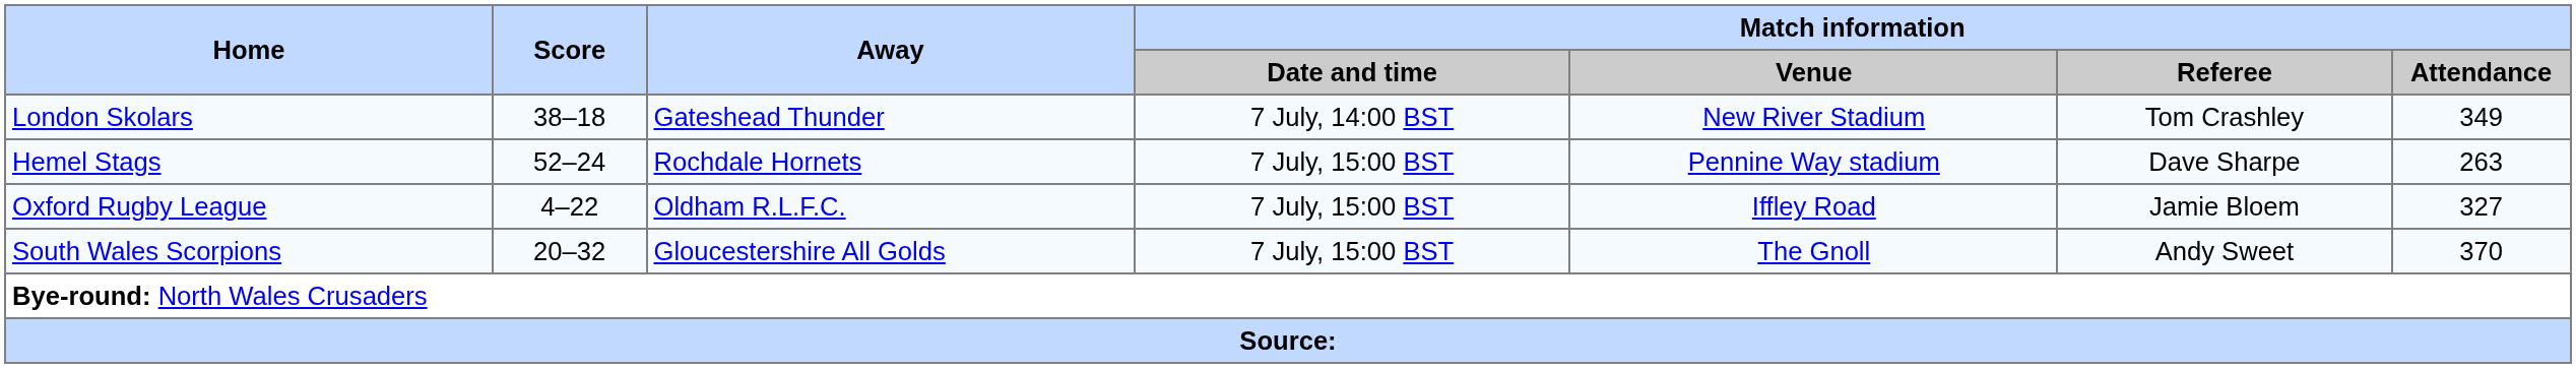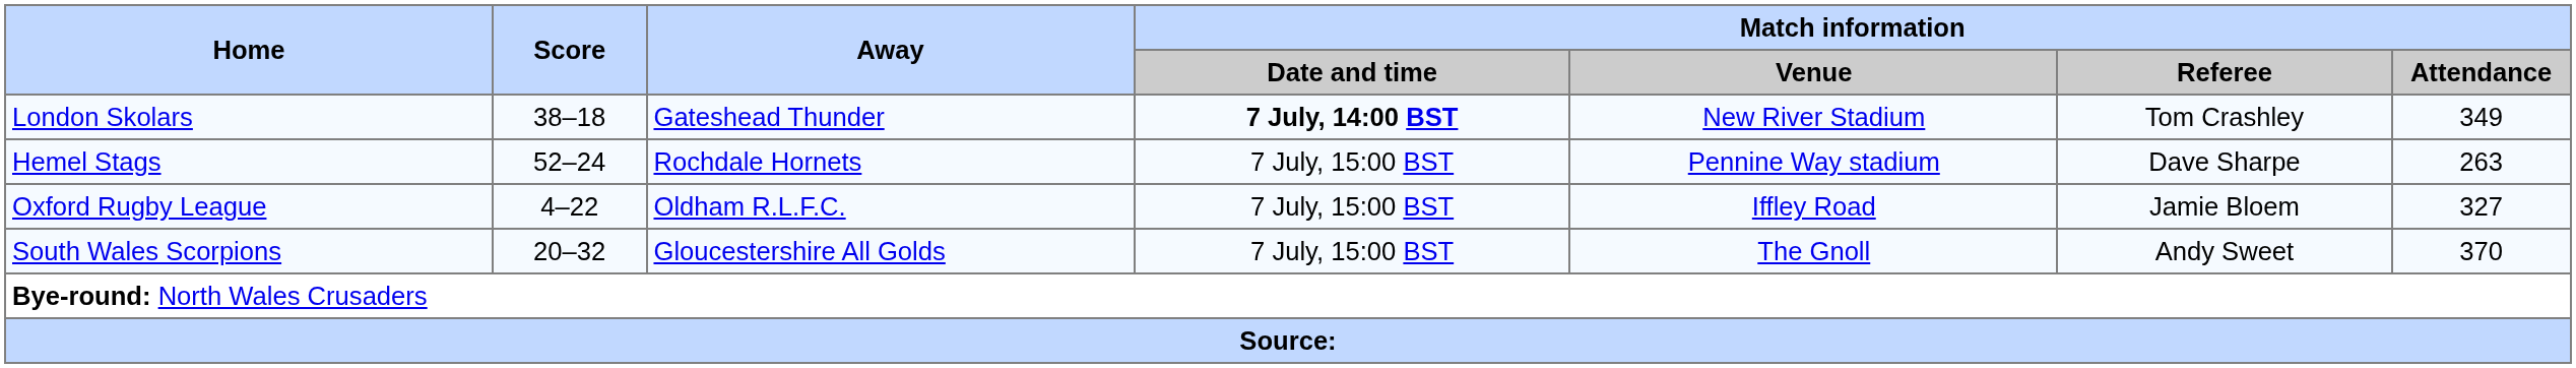 <table border=1 style="border-collapse:collapse; font-size:80%; text-align:center;" cellpadding=3 cellspacing=0 width=100%>
 <tr bgcolor=#C1D8FF>
 <th rowspan=2 width=19%>Home</th>
 <th rowspan=2 width=6%>Score</th>
 <th rowspan=2 width=19%>Away</th>
 <th colspan=6>Match information</th>
 </tr>
 <tr bgcolor=#CCCCCC>
 <th width=17%>Date and time</th>
 <th width=19%>Venue</th>
 <th width=13%>Referee</th>
 <th width=7%>Attendance</th>
 </tr>
 <tr bgcolor=#F5FAFF>
 <td align=left> <a href='#'>London Skolars</a></td>
 <td>38–18</td>
 <td align=left> <a href='#'>Gateshead Thunder</a></td>
-<td>7 July, 14:00 <a href='#'>BST</a></td>
+<td><strong>7 July, 14:00 <a href='#'>BST</a></strong></td>
 <td><a href='#'>New River Stadium</a></td>
 <td>Tom Crashley</td>
 <td>349</td>
 </tr>
 <tr bgcolor=#F5FAFF>
 <td align=left> <a href='#'>Hemel Stags</a></td>
 <td>52–24</td>
 <td align=left> <a href='#'>Rochdale Hornets</a></td>
 <td>7 July, 15:00 <a href='#'>BST</a></td>
 <td><a href='#'>Pennine Way stadium</a></td>
 <td>Dave Sharpe</td>
 <td>263</td>
 </tr>
 <tr bgcolor=#F5FAFF>
 <td align=left> <a href='#'>Oxford Rugby League</a></td>
 <td>4–22</td>
 <td align=left> <a href='#'>Oldham R.L.F.C.</a></td>
 <td>7 July, 15:00 <a href='#'>BST</a></td>
 <td><a href='#'>Iffley Road</a></td>
 <td>Jamie Bloem</td>
 <td>327</td>
 </tr>
 <tr bgcolor=#F5FAFF>
 <td align=left> <a href='#'>South Wales Scorpions</a></td>
 <td>20–32</td>
 <td align=left> <a href='#'>Gloucestershire All Golds</a></td>
 <td>7 July, 15:00 <a href='#'>BST</a></td>
 <td><a href='#'>The Gnoll</a></td>
 <td>Andy Sweet</td>
 <td>370</td>
 </tr>
 <tr>
 <td colspan="7" align="left"><strong>Bye-round:</strong>  <a href='#'>North Wales Crusaders</a></td>
 </tr>
 <tr bgcolor=#C1D8FF>
 <th colspan=12>Source:</th>
 </tr>
 </table>
